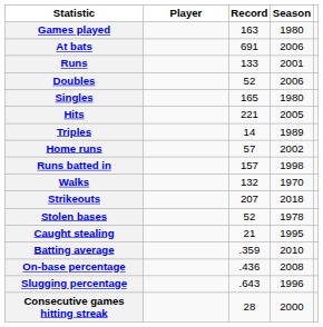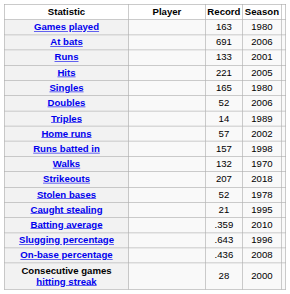 <table class="sortable wikitable plainrowheaders" style="text-align:center">
 <tr>
 <th width="200px" scope="col" style="background-color:#ffffff; border-top:#">Statistic</th>
 <th width="120px" scope="col" style="background-color:#ffffff; border-top:#">Player</th>
 <th class="unsortable" scope="col" style="background-color:#ffffff; border-top:#">Record</th>
 <th scope="col" style="background-color:#ffffff; border-top:#">Season</th>
 <th class="unsortable" scope="col" style="background-color:#ffffff; border-top:#"></th>
 </tr>
 <tr>
 <th scope="row" style="text-align:center"><a href='#'>Games played</a></th>
 <td></td>
 <td>163</td>
 <td>1980</td>
 <td></td>
 </tr>
 <tr>
 <th scope="row" style="text-align:center"><a href='#'>At bats</a></th>
 <td></td>
 <td>691</td>
 <td>2006</td>
 <td></td>
 </tr>
 <tr>
 <th scope="row" style="text-align:center"><a href='#'>Runs</a></th>
 <td></td>
 <td>133</td>
 <td>2001</td>
 <td></td>
 </tr>
 <tr>
-<th scope="row" style="text-align:center"><a href='#'>Doubles</a></th>
+<th scope="row" style="text-align:center"><a href='#'>Hits</a></th>
 <td></td>
-<td>52</td>
-<td>2006</td>
+<td>221</td>
+<td>2005</td>
 <td></td>
 </tr>
 <tr>
 <th scope="row" style="text-align:center"><a href='#'>Singles</a></th>
 <td></td>
 <td>165</td>
 <td>1980</td>
 <td></td>
 </tr>
 <tr>
-<th scope="row" style="text-align:center"><a href='#'>Hits</a></th>
+<th scope="row" style="text-align:center"><a href='#'>Doubles</a></th>
 <td></td>
-<td>221</td>
-<td>2005</td>
+<td>52</td>
+<td>2006</td>
 <td></td>
 </tr>
 <tr>
 <th scope="row" style="text-align:center"><a href='#'>Triples</a></th>
 <td></td>
 <td>14</td>
 <td>1989</td>
 <td></td>
 </tr>
 <tr>
 <th scope="row" style="text-align:center"><a href='#'>Home runs</a></th>
 <td></td>
 <td>57</td>
 <td>2002</td>
 <td></td>
 </tr>
 <tr>
 <th scope="row" style="text-align:center"><a href='#'>Runs batted in</a></th>
 <td></td>
 <td>157</td>
 <td>1998</td>
 <td></td>
 </tr>
 <tr>
 <th scope="row" style="text-align:center"><a href='#'>Walks</a></th>
 <td></td>
 <td>132</td>
 <td>1970</td>
 <td></td>
 </tr>
 <tr>
 <th scope="row" style="text-align:center"><a href='#'>Strikeouts</a></th>
 <td></td>
 <td>207</td>
 <td>2018</td>
 <td></td>
 </tr>
 <tr>
 <th scope="row" style="text-align:center"><a href='#'>Stolen bases</a></th>
 <td></td>
 <td>52</td>
 <td>1978</td>
 <td></td>
 </tr>
 <tr>
 <th scope="row" style="text-align:center"><a href='#'>Caught stealing</a></th>
 <td></td>
 <td>21</td>
 <td>1995</td>
 <td></td>
 </tr>
 <tr>
 <th scope="row" style="text-align:center"><a href='#'>Batting average</a></th>
 <td></td>
 <td>.359</td>
 <td>2010</td>
 <td></td>
 </tr>
 <tr>
+<th scope="row" style="text-align:center"><a href='#'>Slugging percentage</a></th>
+<td></td>
+<td>.643</td>
+<td>1996</td>
+<td></td>
+</tr>
+<tr>
 <th scope="row" style="text-align:center"><a href='#'>On-base percentage</a></th>
 <td></td>
 <td>.436</td>
 <td>2008</td>
-<td></td>
-</tr>
-<tr>
-<th scope="row" style="text-align:center"><a href='#'>Slugging percentage</a></th>
-<td></td>
-<td>.643</td>
-<td>1996</td>
 <td></td>
 </tr>
 <tr>
 <th scope="row" style="text-align:center">Consecutive games <a href='#'>hitting streak</a></th>
 <td></td>
 <td>28</td>
 <td>2000</td>
 <td></td>
 </tr>
 </table>
